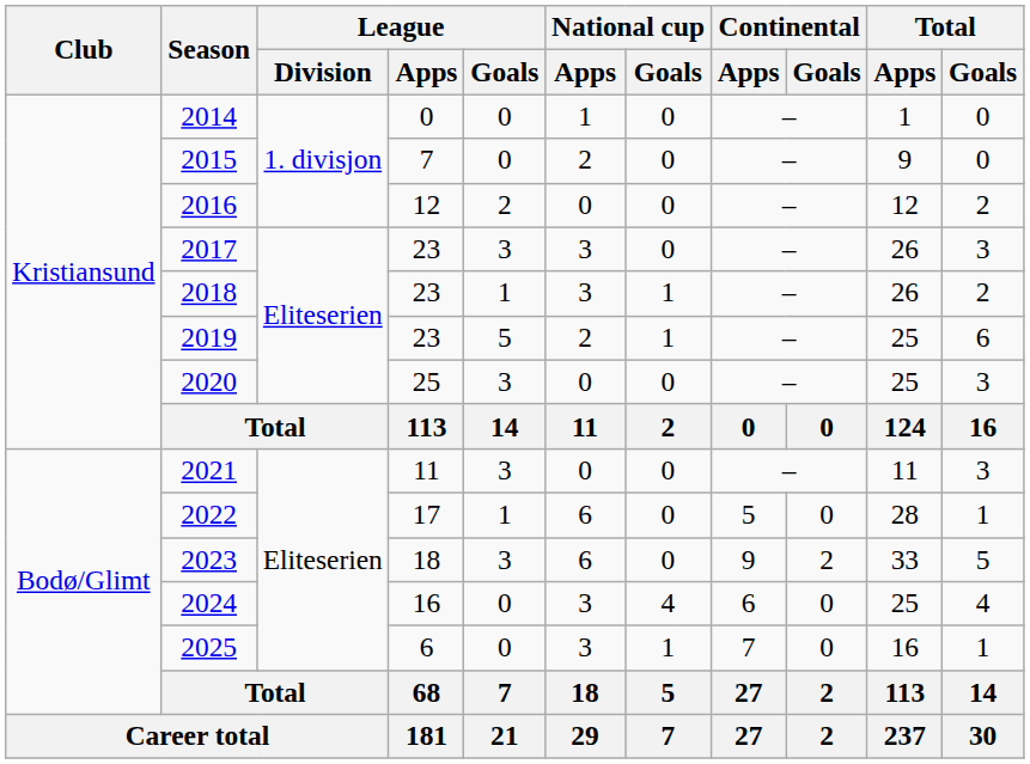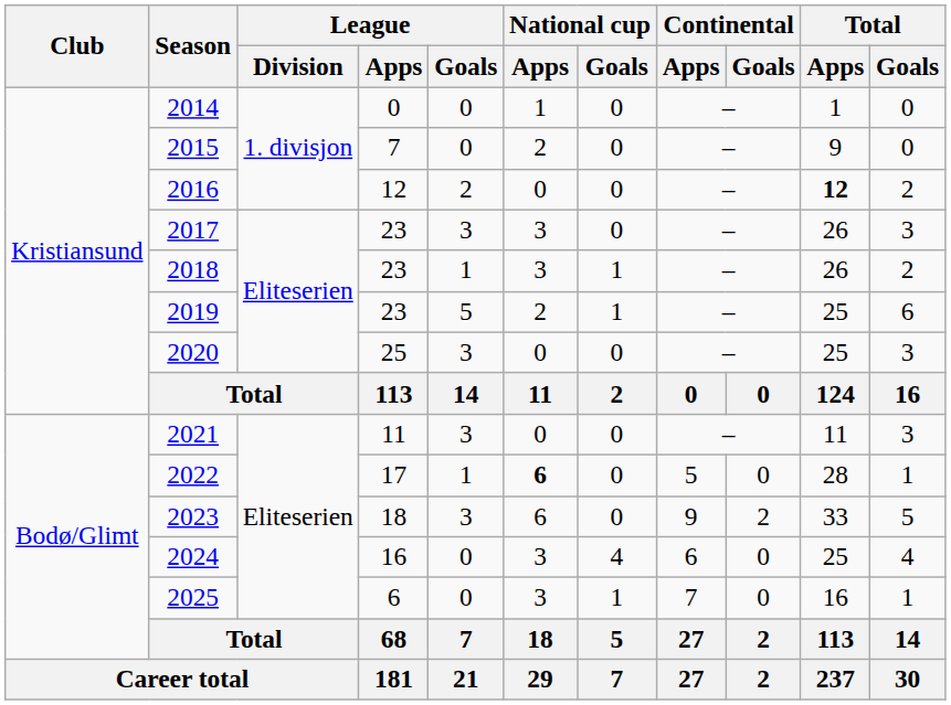 <table class="wikitable" style="text-align:center">
 <tr>
 <th rowspan="2">Club</th>
 <th rowspan="2">Season</th>
 <th colspan="3">League</th>
 <th colspan="2">National cup</th>
 <th colspan="2">Continental</th>
 <th colspan="2">Total</th>
 </tr>
 <tr>
 <th>Division</th>
 <th>Apps</th>
 <th>Goals</th>
 <th>Apps</th>
 <th>Goals</th>
 <th>Apps</th>
 <th>Goals</th>
 <th>Apps</th>
 <th>Goals</th>
 </tr>
 <tr>
 <td rowspan="8"><a href='#'>Kristiansund</a></td>
 <td><a href='#'>2014</a></td>
 <td rowspan="3"><a href='#'>1. divisjon</a></td>
 <td>0</td>
 <td>0</td>
 <td>1</td>
 <td>0</td>
 <td colspan="2">–</td>
 <td>1</td>
 <td>0</td>
 </tr>
 <tr>
 <td><a href='#'>2015</a></td>
 <td>7</td>
 <td>0</td>
 <td>2</td>
 <td>0</td>
 <td colspan="2">–</td>
 <td>9</td>
 <td>0</td>
 </tr>
 <tr>
 <td><a href='#'>2016</a></td>
 <td>12</td>
 <td>2</td>
 <td>0</td>
 <td>0</td>
 <td colspan="2">–</td>
-<td>12</td>
+<td><strong>12</strong></td>
 <td>2</td>
 </tr>
 <tr>
 <td><a href='#'>2017</a></td>
 <td rowspan="4"><a href='#'>Eliteserien</a></td>
 <td>23</td>
 <td>3</td>
 <td>3</td>
 <td>0</td>
 <td colspan="2">–</td>
 <td>26</td>
 <td>3</td>
 </tr>
 <tr>
 <td><a href='#'>2018</a></td>
 <td>23</td>
 <td>1</td>
 <td>3</td>
 <td>1</td>
 <td colspan="2">–</td>
 <td>26</td>
 <td>2</td>
 </tr>
 <tr>
 <td><a href='#'>2019</a></td>
 <td>23</td>
 <td>5</td>
 <td>2</td>
 <td>1</td>
 <td colspan="2">–</td>
 <td>25</td>
 <td>6</td>
 </tr>
 <tr>
 <td><a href='#'>2020</a></td>
 <td>25</td>
 <td>3</td>
 <td>0</td>
 <td>0</td>
 <td colspan="2">–</td>
 <td>25</td>
 <td>3</td>
 </tr>
 <tr>
 <th colspan="2">Total</th>
 <th>113</th>
 <th>14</th>
 <th>11</th>
 <th>2</th>
 <th>0</th>
 <th>0</th>
 <th>124</th>
 <th>16</th>
 </tr>
 <tr>
 <td rowspan="6"><a href='#'>Bodø/Glimt</a></td>
 <td><a href='#'>2021</a></td>
 <td rowspan="5">Eliteserien</td>
 <td>11</td>
 <td>3</td>
 <td>0</td>
 <td>0</td>
 <td colspan="2">–</td>
 <td>11</td>
 <td>3</td>
 </tr>
 <tr>
 <td><a href='#'>2022</a></td>
 <td>17</td>
 <td>1</td>
-<td>6</td>
+<td><strong>6</strong></td>
 <td>0</td>
 <td>5</td>
 <td>0</td>
 <td>28</td>
 <td>1</td>
 </tr>
 <tr>
 <td><a href='#'>2023</a></td>
 <td>18</td>
 <td>3</td>
 <td>6</td>
 <td>0</td>
 <td>9</td>
 <td>2</td>
 <td>33</td>
 <td>5</td>
 </tr>
 <tr>
 <td><a href='#'>2024</a></td>
 <td>16</td>
 <td>0</td>
 <td>3</td>
 <td>4</td>
 <td>6</td>
 <td>0</td>
 <td>25</td>
 <td>4</td>
 </tr>
 <tr>
 <td><a href='#'>2025</a></td>
 <td>6</td>
 <td>0</td>
 <td>3</td>
 <td>1</td>
 <td>7</td>
 <td>0</td>
 <td>16</td>
 <td>1</td>
 </tr>
 <tr>
 <th colspan="2">Total</th>
 <th>68</th>
 <th>7</th>
 <th>18</th>
 <th>5</th>
 <th>27</th>
 <th>2</th>
 <th>113</th>
 <th>14</th>
 </tr>
 <tr>
 <th colspan="3">Career total</th>
 <th>181</th>
 <th>21</th>
 <th>29</th>
 <th>7</th>
 <th>27</th>
 <th>2</th>
 <th>237</th>
 <th>30</th>
 </tr>
 </table>
